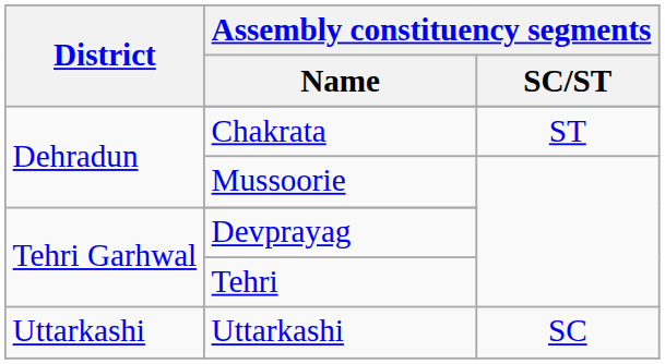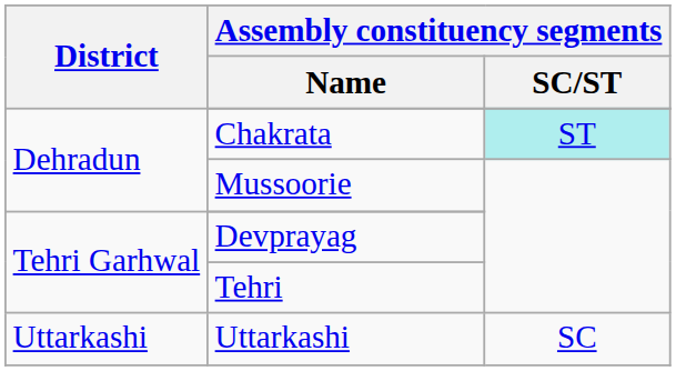 <table class="wikitable sortable">
 <tr>
 <th rowspan="2"><a href='#'>District</a></th>
 <th colspan="2"><a href='#'>Assembly constituency segments</a></th>
 </tr>
 <tr>
 <th>Name</th>
 <th>SC/ST</th>
 </tr>
 <tr>
 <td rowspan="3"><a href='#'>Dehradun</a></td>
 </tr>
 <tr>
 <td><a href='#'>Chakrata</a></td>
-<td align="center"><a href='#'>ST</a></td>
+<td align="center" style="background: paleturquoise;"><a href='#'>ST</a></td>
 </tr>
 <tr>
 <td><a href='#'>Mussoorie</a></td>
 <td rowspan="4"></td>
 </tr>
 <tr>
 <td rowspan="3"><a href='#'>Tehri Garhwal</a></td>
 </tr>
 <tr>
 <td><a href='#'>Devprayag</a></td>
 </tr>
 <tr>
 <td><a href='#'>Tehri</a></td>
 </tr>
 <tr>
 <td><a href='#'>Uttarkashi</a></td>
 <td><a href='#'>Uttarkashi</a></td>
 <td align="center"><a href='#'>SC</a></td>
 </tr>
 </table>
